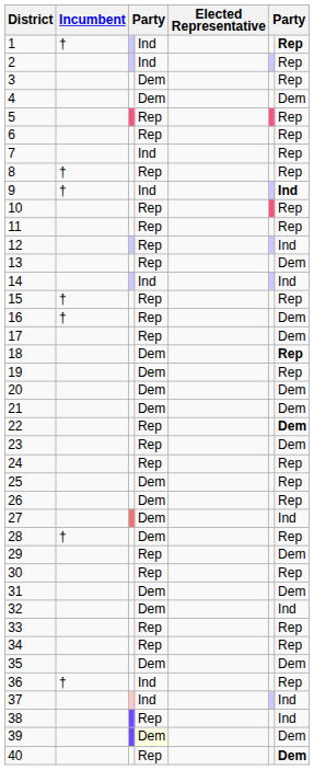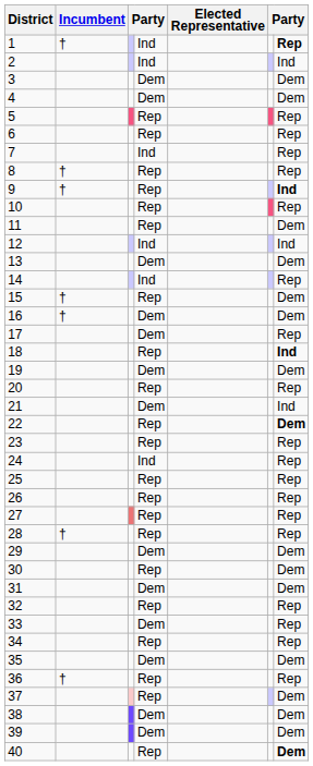 <table class="wikitable sortable" style="font-size:95%;line-height:14px;">
 <tr>
 <th>District</th>
 <th><a href='#'>Incumbent</a></th>
 <th colspan=2>Party</th>
 <th>Elected<br>Representative</th>
 <th colspan=2>Party</th>
 </tr>
 <tr>
 <td>1</td>
 <td>†</td>
 <td style="background:#cac8ff;"></td>
 <td>Ind</td>
 <td><strong></strong></td>
 <td style="background:"></td>
 <td><strong> Rep</strong></td>
 </tr>
 <tr>
 <td>2</td>
 <td></td>
 <td style="background:#cac8ff;"></td>
 <td>Ind</td>
 <td></td>
 <td style="background:#cac8ff;"></td>
-<td>Rep</td>
+<td>Ind</td>
 </tr>
 <tr>
 <td>3</td>
 <td></td>
 <td style="background:"></td>
 <td>Dem</td>
 <td></td>
 <td style="background:"></td>
-<td>Rep</td>
+<td>Dem</td>
 </tr>
 <tr>
 <td>4</td>
 <td></td>
 <td style="background:"></td>
 <td>Dem</td>
 <td></td>
 <td style="background:"></td>
 <td>Dem</td>
 </tr>
 <tr>
 <td>5</td>
 <td></td>
 <td style="background:#f75381;"></td>
 <td>Rep</td>
 <td></td>
 <td style="background:#f75381;"></td>
 <td>Rep</td>
 </tr>
 <tr>
 <td>6</td>
 <td></td>
 <td style="background:"></td>
 <td>Rep</td>
 <td></td>
 <td style="background:"></td>
 <td>Rep</td>
 </tr>
 <tr>
 <td>7</td>
 <td></td>
 <td style="background:"></td>
 <td>Ind</td>
 <td></td>
 <td style="background:"></td>
 <td>Rep</td>
 </tr>
 <tr>
 <td>8</td>
 <td>†</td>
 <td style="background:"></td>
 <td>Rep</td>
 <td><em></em></td>
 <td style="background:"></td>
 <td>Rep</td>
 </tr>
 <tr>
 <td>9</td>
 <td>†</td>
 <td style="background:"></td>
-<td>Ind</td>
+<td>Rep</td>
 <td><strong></strong></td>
 <td style="background:#cac8ff;"></td>
 <td><strong>Ind</strong></td>
 </tr>
 <tr>
 <td>10</td>
 <td></td>
 <td style="background:"></td>
 <td>Rep</td>
 <td><em> </em></td>
 <td style="background:#f75381;"></td>
 <td>Rep</td>
 </tr>
 <tr>
 <td>11</td>
 <td></td>
 <td style="background:"></td>
 <td>Rep</td>
 <td></td>
 <td style="background:"></td>
-<td>Rep</td>
+<td>Dem</td>
 </tr>
 <tr>
 <td>12</td>
 <td></td>
 <td style="background:#cac8ff;"></td>
-<td>Rep</td>
+<td>Ind</td>
 <td></td>
 <td style="background:#cac8ff;"></td>
 <td>Ind</td>
 </tr>
 <tr>
 <td>13</td>
 <td></td>
 <td style="background:"></td>
-<td>Rep</td>
+<td>Dem</td>
 <td></td>
 <td style="background:"></td>
 <td>Dem</td>
 </tr>
 <tr>
 <td>14</td>
 <td></td>
 <td style="background:#cac8ff;"></td>
 <td>Ind</td>
 <td></td>
 <td style="background:#cac8ff;"></td>
-<td>Ind</td>
+<td>Rep</td>
 </tr>
 <tr>
 <td>15</td>
 <td>†</td>
 <td style="background:"></td>
 <td>Rep</td>
 <td><em></em></td>
 <td style="background:"></td>
-<td>Rep</td>
+<td>Dem</td>
 </tr>
 <tr>
 <td>16</td>
 <td>†</td>
 <td style="background:"></td>
-<td>Rep</td>
+<td>Dem</td>
 <td><em></em></td>
 <td style="background:"></td>
 <td>Dem</td>
 </tr>
 <tr>
 <td>17</td>
 <td></td>
 <td style="background:"></td>
-<td>Rep</td>
+<td>Dem</td>
 <td></td>
 <td style="background:"></td>
-<td>Dem</td>
+<td>Rep</td>
 </tr>
 <tr>
 <td>18</td>
 <td></td>
 <td style="background:"></td>
-<td>Dem</td>
+<td>Rep</td>
 <td><strong></strong></td>
 <td style="background:"></td>
-<td><strong>Rep</strong></td>
+<td><strong>Ind</strong></td>
 </tr>
 <tr>
 <td>19</td>
 <td></td>
 <td style="background:"></td>
 <td>Dem</td>
 <td></td>
 <td style="background:"></td>
-<td>Rep</td>
+<td>Dem</td>
 </tr>
 <tr>
 <td>20</td>
 <td></td>
 <td style="background:"></td>
-<td>Dem</td>
+<td>Rep</td>
 <td></td>
 <td style="background:"></td>
-<td>Dem</td>
+<td>Rep</td>
 </tr>
 <tr>
 <td>21</td>
 <td></td>
 <td style="background:"></td>
 <td>Dem</td>
 <td></td>
 <td style="background:"></td>
-<td>Dem</td>
+<td>Ind</td>
 </tr>
 <tr>
 <td>22</td>
 <td></td>
 <td style="background:"></td>
 <td>Rep</td>
 <td><strong></strong></td>
 <td style="background:"></td>
 <td><strong>Dem</strong></td>
 </tr>
 <tr>
 <td>23</td>
 <td></td>
 <td style="background:"></td>
 <td>Rep</td>
 <td></td>
 <td style="background:"></td>
-<td>Dem</td>
+<td>Rep</td>
 </tr>
 <tr>
 <td>24</td>
+<td></td>
+<td style="background:"></td>
+<td>Ind</td>
+<td></td>
+<td style="background:"></td>
+<td>Rep</td>
+</tr>
+<tr>
+<td>25</td>
 <td></td>
 <td style="background:"></td>
 <td>Rep</td>
 <td></td>
 <td style="background:"></td>
 <td>Rep</td>
 </tr>
 <tr>
-<td>25</td>
-<td></td>
-<td style="background:"></td>
-<td>Dem</td>
+<td>26</td>
 <td></td>
 <td style="background:"></td>
 <td>Rep</td>
-</tr>
-<tr>
-<td>26</td>
-<td></td>
-<td style="background:"></td>
-<td>Dem</td>
 <td></td>
 <td style="background:"></td>
 <td>Rep</td>
 </tr>
 <tr>
 <td>27</td>
 <td></td>
 <td style="background:#ec7475;"></td>
-<td>Dem</td>
+<td>Rep</td>
 <td><em></em></td>
 <td style="background:"></td>
-<td>Ind</td>
+<td>Rep</td>
 </tr>
 <tr>
 <td>28</td>
 <td>†</td>
 <td style="background:"></td>
-<td>Dem</td>
+<td>Rep</td>
 <td><em></em></td>
 <td style="background:"></td>
 <td>Rep</td>
 </tr>
 <tr>
 <td>29</td>
 <td></td>
 <td style="background:"></td>
-<td>Rep</td>
+<td>Dem</td>
 <td></td>
 <td style="background:"></td>
 <td>Dem</td>
 </tr>
 <tr>
 <td>30</td>
 <td></td>
 <td style="background:"></td>
 <td>Rep</td>
 <td></td>
 <td style="background:"></td>
-<td>Rep</td>
+<td>Dem</td>
 </tr>
 <tr>
 <td>31</td>
 <td></td>
 <td style="background:"></td>
 <td>Dem</td>
 <td></td>
 <td style="background:"></td>
 <td>Dem</td>
 </tr>
 <tr>
 <td>32</td>
 <td></td>
 <td style="background:"></td>
-<td>Dem</td>
+<td>Rep</td>
 <td></td>
 <td style="background:"></td>
-<td>Ind</td>
+<td>Rep</td>
 </tr>
 <tr>
 <td>33</td>
 <td></td>
 <td style="background:"></td>
-<td>Rep</td>
+<td>Dem</td>
 <td></td>
 <td style="background:"></td>
 <td>Rep</td>
 </tr>
 <tr>
 <td>34</td>
 <td></td>
 <td style="background:"></td>
 <td>Rep</td>
 <td></td>
 <td style="background:"></td>
 <td>Rep</td>
 </tr>
 <tr>
 <td>35</td>
 <td></td>
 <td style="background:"></td>
 <td>Dem</td>
 <td></td>
 <td style="background:"></td>
 <td>Dem</td>
 </tr>
 <tr>
 <td>36</td>
 <td>†</td>
 <td style="background:"></td>
-<td>Ind</td>
+<td>Rep</td>
 <td><em></em></td>
 <td style="background:"></td>
 <td>Rep</td>
 </tr>
 <tr>
 <td>37</td>
 <td></td>
 <td style="background:#fbc9ca;"></td>
-<td>Ind</td>
+<td>Rep</td>
 <td></td>
 <td style="background:#cac8ff;"></td>
-<td>Ind</td>
+<td>Dem</td>
 </tr>
 <tr>
 <td>38</td>
 <td></td>
 <td style="background:#6e49ff;"></td>
-<td>Rep</td>
+<td>Dem</td>
 <td><em></em></td>
 <td style="background:"></td>
-<td>Ind</td>
+<td>Dem</td>
 </tr>
 <tr>
 <td>39</td>
 <td></td>
 <td style="background:#6e49ff;"></td>
-<td style="background: lightyellow;">Dem</td>
+<td>Dem</td>
 <td></td>
 <td style="background:"></td>
 <td>Dem</td>
 </tr>
 <tr>
 <td>40</td>
 <td></td>
 <td style="background:"></td>
 <td>Rep</td>
 <td><strong></strong></td>
 <td style="background:"></td>
 <td><strong> Dem</strong></td>
 </tr>
 </table>
